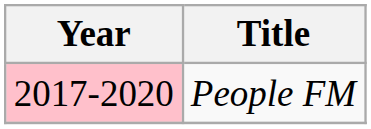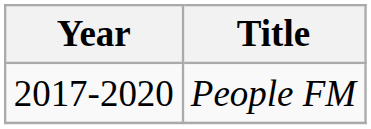 <table class="wikitable">
 <tr>
 <th>Year</th>
 <th>Title</th>
 </tr>
 <tr>
-<td style="background: pink;">2017-2020</td>
+<td>2017-2020</td>
 <td><em>People FM</em></td>
 </tr>
 <tr>
 </tr>
 </table>
